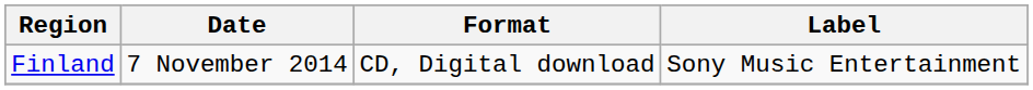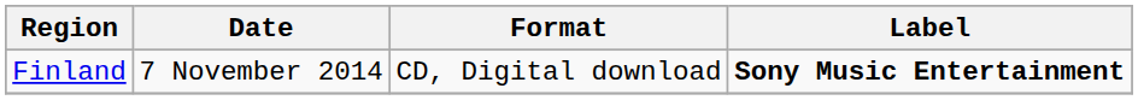 <table class=wikitable>
 <tr>
 <th>Region</th>
 <th>Date</th>
 <th>Format</th>
 <th>Label</th>
 </tr>
 <tr>
 <td><a href='#'>Finland</a></td>
 <td>7 November 2014</td>
 <td>CD, Digital download</td>
-<td>Sony Music Entertainment</td>
+<td><strong>Sony Music Entertainment</strong></td>
 </tr>
 <tr>
 </tr>
 </table>
